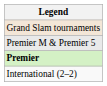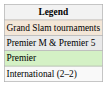 <table class=wikitable style=font-size:90%>
 <tr>
 <th>Legend</th>
 </tr>
 <tr>
 <td style="background:#f3e6d7;">Grand Slam tournaments</td>
 </tr>
 <tr>
 <td style="background:#e9e9e9;">Premier M & Premier 5</td>
 </tr>
 <tr>
-<td style="background:#d4f1c5;"><strong>Premier</strong></td>
+<td style="background:#d4f1c5;">Premier</td>
 </tr>
 <tr>
 <td>International (2–2)</td>
 </tr>
 </table>
